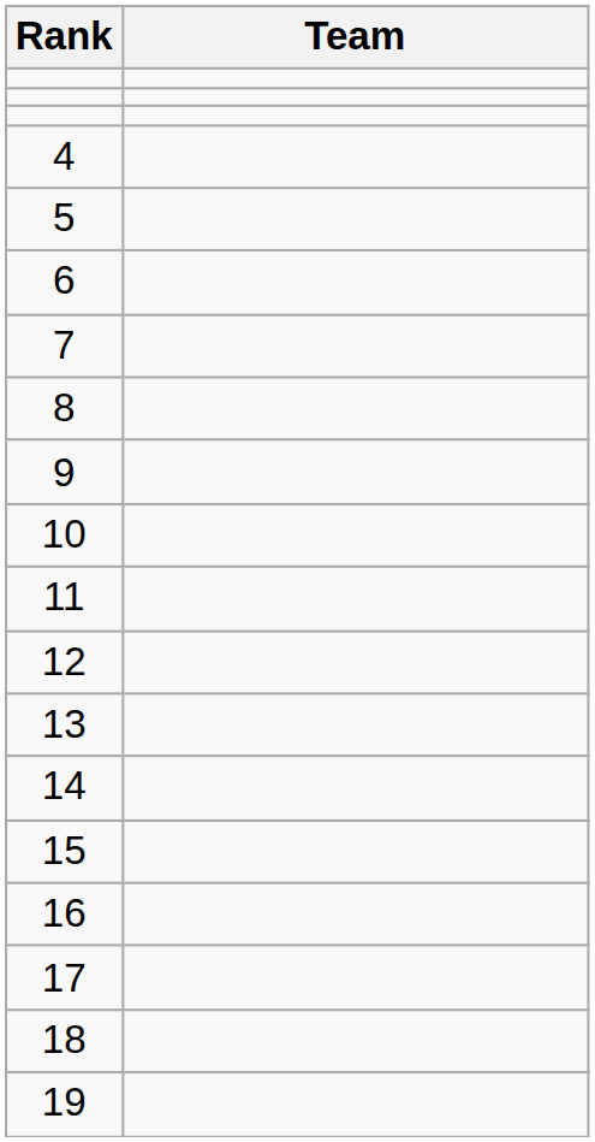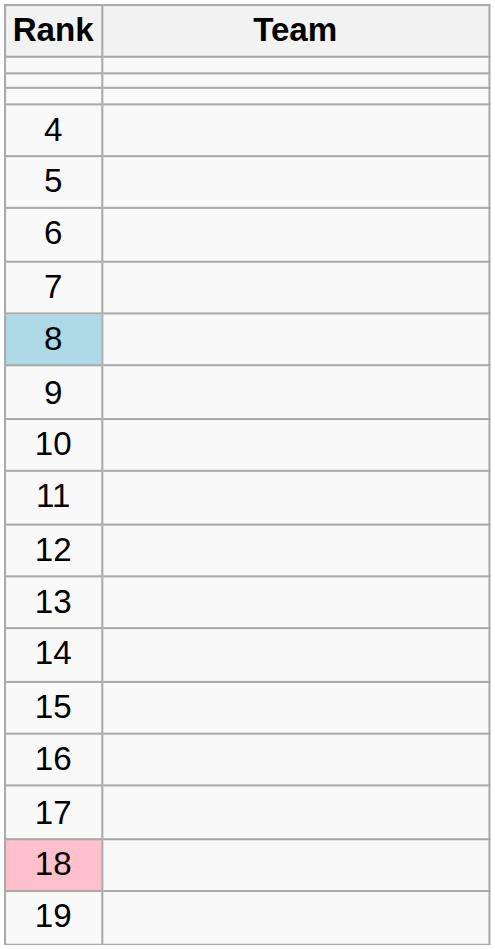 <table class=wikitable style="text-align:center;">
 <tr>
 <th>Rank</th>
 <th width=180>Team</th>
 </tr>
 <tr>
 <td></td>
 <td align=left></td>
 </tr>
 <tr>
 <td></td>
 <td align=left></td>
 </tr>
 <tr>
 <td></td>
 <td align=left></td>
 </tr>
 <tr>
 <td>4</td>
 <td align=left></td>
 </tr>
 <tr>
 <td>5</td>
 <td align=left></td>
 </tr>
 <tr>
 <td>6</td>
 <td align=left></td>
 </tr>
 <tr>
 <td>7</td>
 <td align=left></td>
 </tr>
 <tr>
-<td>8</td>
+<td style="background: lightblue;">8</td>
 <td align=left></td>
 </tr>
 <tr>
 <td>9</td>
 <td align=left></td>
 </tr>
 <tr>
 <td>10</td>
 <td align=left></td>
 </tr>
 <tr>
 <td>11</td>
 <td align=left></td>
 </tr>
 <tr>
 <td>12</td>
 <td align=left></td>
 </tr>
 <tr>
 <td>13</td>
 <td align=left></td>
 </tr>
 <tr>
 <td>14</td>
 <td align=left></td>
 </tr>
 <tr>
 <td>15</td>
 <td align=left></td>
 </tr>
 <tr>
 <td>16</td>
 <td align=left></td>
 </tr>
 <tr>
 <td>17</td>
 <td align=left></td>
 </tr>
 <tr>
-<td>18</td>
+<td style="background: pink;">18</td>
 <td align=left></td>
 </tr>
 <tr>
 <td>19</td>
 <td align=left></td>
 </tr>
 </table>
